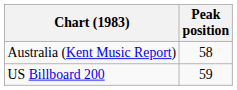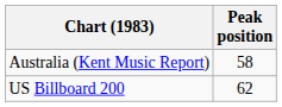 <table class="wikitable">
 <tr>
 <th scope="col">Chart (1983)</th>
 <th>Peak<br>position</th>
 </tr>
 <tr>
 <td>Australia (<a href='#'>Kent Music Report</a>)</td>
 <td style="text-align:center;">58</td>
 </tr>
 <tr>
 <td>US <a href='#'>Billboard 200</a></td>
-<td style="text-align:center;">59</td>
+<td style="text-align:center;">62</td>
 </tr>
 </table>
